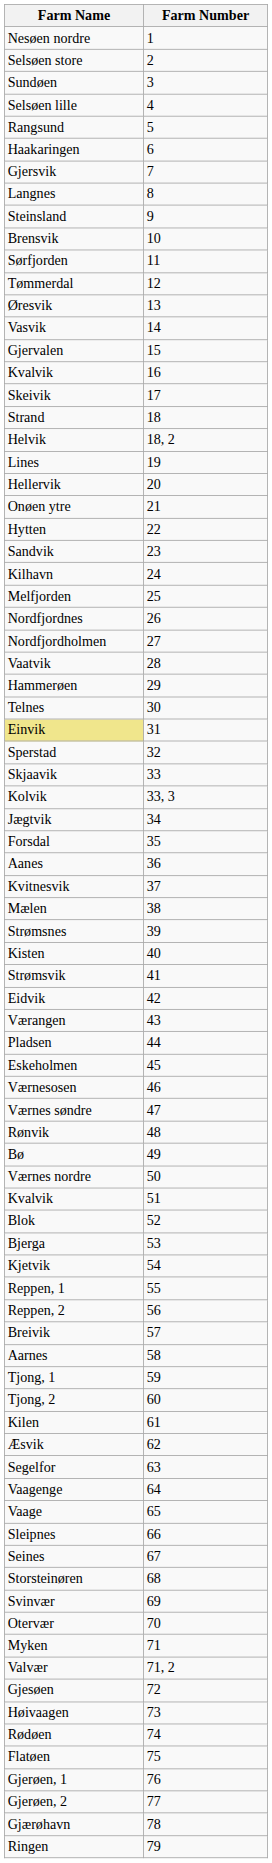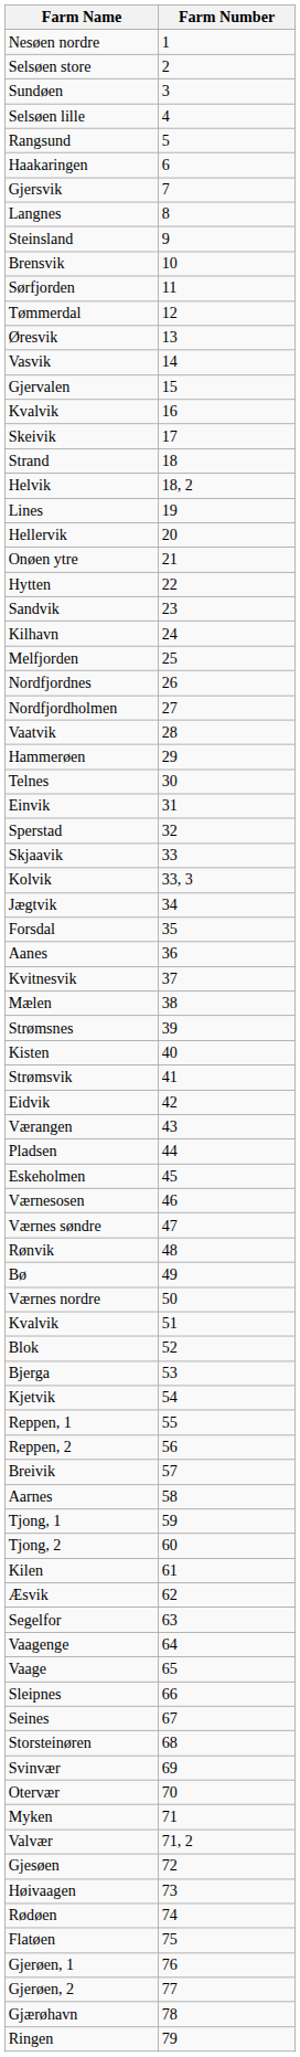 <table border="1" width="300" class="wikitable sortable mw-collapsible">
 <tr>
 <th>Farm Name</th>
 <th>Farm Number</th>
 </tr>
 <tr>
 <td>Nesøen nordre</td>
 <td>1</td>
 </tr>
 <tr>
 <td>Selsøen store</td>
 <td>2</td>
 </tr>
 <tr>
 <td>Sundøen</td>
 <td>3</td>
 </tr>
 <tr>
 <td>Selsøen lille</td>
 <td>4</td>
 </tr>
 <tr>
 <td>Rangsund</td>
 <td>5</td>
 </tr>
 <tr>
 <td>Haakaringen</td>
 <td>6</td>
 </tr>
 <tr>
 <td>Gjersvik</td>
 <td>7</td>
 </tr>
 <tr>
 <td>Langnes</td>
 <td>8</td>
 </tr>
 <tr>
 <td>Steinsland</td>
 <td>9</td>
 </tr>
 <tr>
 <td>Brensvik</td>
 <td>10</td>
 </tr>
 <tr>
 <td>Sørfjorden</td>
 <td>11</td>
 </tr>
 <tr>
 <td>Tømmerdal</td>
 <td>12</td>
 </tr>
 <tr>
 <td>Øresvik</td>
 <td>13</td>
 </tr>
 <tr>
 <td>Vasvik</td>
 <td>14</td>
 </tr>
 <tr>
 <td>Gjervalen</td>
 <td>15</td>
 </tr>
 <tr>
 <td>Kvalvik</td>
 <td>16</td>
 </tr>
 <tr>
 <td>Skeivik</td>
 <td>17</td>
 </tr>
 <tr>
 <td>Strand</td>
 <td>18</td>
 </tr>
 <tr>
 <td>Helvik</td>
 <td>18, 2</td>
 </tr>
 <tr>
 <td>Lines</td>
 <td>19</td>
 </tr>
 <tr>
 <td>Hellervik</td>
 <td>20</td>
 </tr>
 <tr>
 <td>Onøen ytre</td>
 <td>21</td>
 </tr>
 <tr>
 <td>Hytten</td>
 <td>22</td>
 </tr>
 <tr>
 <td>Sandvik</td>
 <td>23</td>
 </tr>
 <tr>
 <td>Kilhavn</td>
 <td>24</td>
 </tr>
 <tr>
 <td>Melfjorden</td>
 <td>25</td>
 </tr>
 <tr>
 <td>Nordfjordnes</td>
 <td>26</td>
 </tr>
 <tr>
 <td>Nordfjordholmen</td>
 <td>27</td>
 </tr>
 <tr>
 <td>Vaatvik</td>
 <td>28</td>
 </tr>
 <tr>
 <td>Hammerøen</td>
 <td>29</td>
 </tr>
 <tr>
 <td>Telnes</td>
 <td>30</td>
 </tr>
 <tr>
-<td style="background: khaki;">Einvik</td>
+<td>Einvik</td>
 <td>31</td>
 </tr>
 <tr>
 <td>Sperstad</td>
 <td>32</td>
 </tr>
 <tr>
 <td>Skjaavik</td>
 <td>33</td>
 </tr>
 <tr>
 <td>Kolvik</td>
 <td>33, 3</td>
 </tr>
 <tr>
 <td>Jægtvik</td>
 <td>34</td>
 </tr>
 <tr>
 <td>Forsdal</td>
 <td>35</td>
 </tr>
 <tr>
 <td>Aanes</td>
 <td>36</td>
 </tr>
 <tr>
 <td>Kvitnesvik</td>
 <td>37</td>
 </tr>
 <tr>
 <td>Mælen</td>
 <td>38</td>
 </tr>
 <tr>
 <td>Strømsnes</td>
 <td>39</td>
 </tr>
 <tr>
 <td>Kisten</td>
 <td>40</td>
 </tr>
 <tr>
 <td>Strømsvik</td>
 <td>41</td>
 </tr>
 <tr>
 <td>Eidvik</td>
 <td>42</td>
 </tr>
 <tr>
 <td>Værangen</td>
 <td>43</td>
 </tr>
 <tr>
 <td>Pladsen</td>
 <td>44</td>
 </tr>
 <tr>
 <td>Eskeholmen</td>
 <td>45</td>
 </tr>
 <tr>
 <td>Værnesosen</td>
 <td>46</td>
 </tr>
 <tr>
 <td>Værnes søndre</td>
 <td>47</td>
 </tr>
 <tr>
 <td>Rønvik</td>
 <td>48</td>
 </tr>
 <tr>
 <td>Bø</td>
 <td>49</td>
 </tr>
 <tr>
 <td>Værnes nordre</td>
 <td>50</td>
 </tr>
 <tr>
 <td>Kvalvik</td>
 <td>51</td>
 </tr>
 <tr>
 <td>Blok</td>
 <td>52</td>
 </tr>
 <tr>
 <td>Bjerga</td>
 <td>53</td>
 </tr>
 <tr>
 <td>Kjetvik</td>
 <td>54</td>
 </tr>
 <tr>
 <td>Reppen, 1</td>
 <td>55</td>
 </tr>
 <tr>
 <td>Reppen, 2</td>
 <td>56</td>
 </tr>
 <tr>
 <td>Breivik</td>
 <td>57</td>
 </tr>
 <tr>
 <td>Aarnes</td>
 <td>58</td>
 </tr>
 <tr>
 <td>Tjong, 1</td>
 <td>59</td>
 </tr>
 <tr>
 <td>Tjong, 2</td>
 <td>60</td>
 </tr>
 <tr>
 <td>Kilen</td>
 <td>61</td>
 </tr>
 <tr>
 <td>Æsvik</td>
 <td>62</td>
 </tr>
 <tr>
 <td>Segelfor</td>
 <td>63</td>
 </tr>
 <tr>
 <td>Vaagenge</td>
 <td>64</td>
 </tr>
 <tr>
 <td>Vaage</td>
 <td>65</td>
 </tr>
 <tr>
 <td>Sleipnes</td>
 <td>66</td>
 </tr>
 <tr>
 <td>Seines</td>
 <td>67</td>
 </tr>
 <tr>
 <td>Storsteinøren</td>
 <td>68</td>
 </tr>
 <tr>
 <td>Svinvær</td>
 <td>69</td>
 </tr>
 <tr>
 <td>Otervær</td>
 <td>70</td>
 </tr>
 <tr>
 <td>Myken</td>
 <td>71</td>
 </tr>
 <tr>
 <td>Valvær</td>
 <td>71, 2</td>
 </tr>
 <tr>
 <td>Gjesøen</td>
 <td>72</td>
 </tr>
 <tr>
 <td>Høivaagen</td>
 <td>73</td>
 </tr>
 <tr>
 <td>Rødøen</td>
 <td>74</td>
 </tr>
 <tr>
 <td>Flatøen</td>
 <td>75</td>
 </tr>
 <tr>
 <td>Gjerøen, 1</td>
 <td>76</td>
 </tr>
 <tr>
 <td>Gjerøen, 2</td>
 <td>77</td>
 </tr>
 <tr>
 <td>Gjærøhavn</td>
 <td>78</td>
 </tr>
 <tr>
 <td>Ringen</td>
 <td>79</td>
 </tr>
 </table>
